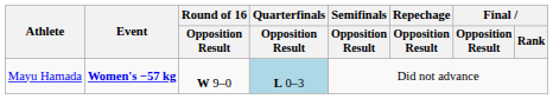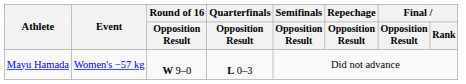 <table class="wikitable" style="font-size:90%;">
 <tr>
 <th rowspan=2>Athlete</th>
 <th rowspan=2>Event</th>
 <th>Round of 16</th>
 <th>Quarterfinals</th>
 <th>Semifinals</th>
 <th>Repechage</th>
 <th colspan=2>Final / </th>
 </tr>
 <tr style="font-size:95%">
 <th>Opposition<br>Result</th>
 <th>Opposition<br>Result</th>
 <th>Opposition<br>Result</th>
 <th>Opposition<br>Result</th>
 <th>Opposition<br>Result</th>
 <th>Rank</th>
 </tr>
 <tr align=center>
 <td align=left><a href='#'>Mayu Hamada</a></td>
-<td align=left><strong><a href='#'>Women's −57 kg</a></strong></td>
+<td align=left><a href='#'>Women's −57 kg</a></td>
 <td><br><strong>W</strong> 9–0</td>
-<td style="background: lightblue;"><br><strong>L</strong> 0–3 </td>
+<td><br><strong>L</strong> 0–3 </td>
 <td colspan=4>Did not advance</td>
 </tr>
 </table>
